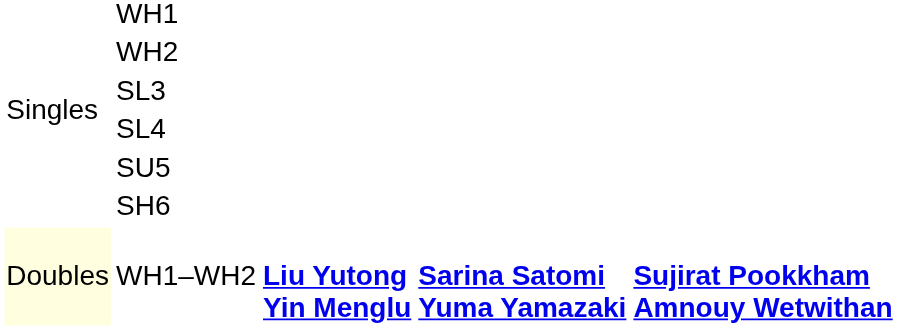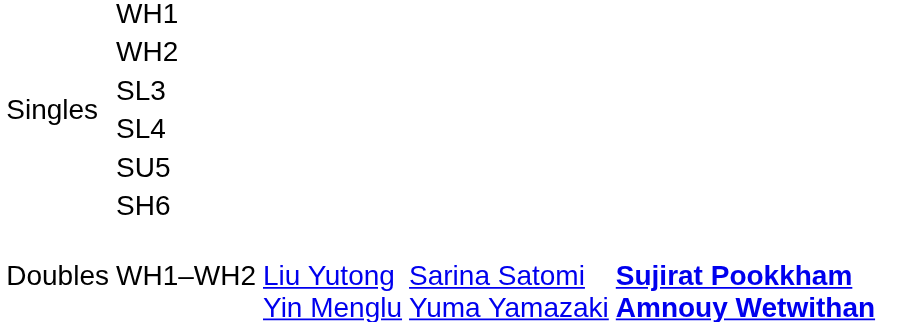 <table>
 <tr>
 <td rowspan=6>Singles</td>
 <td>WH1<br></td>
 <td></td>
 <td></td>
 <td></td>
 </tr>
 <tr>
 <td>WH2<br></td>
 <td></td>
 <td></td>
 <td></td>
 </tr>
 <tr>
 <td>SL3<br></td>
 <td></td>
 <td></td>
 <td></td>
 </tr>
 <tr>
 <td>SL4<br></td>
 <td></td>
 <td></td>
 <td></td>
 </tr>
 <tr>
 <td>SU5<br></td>
 <td></td>
 <td></td>
 <td></td>
 </tr>
 <tr>
 <td>SH6<br></td>
 <td></td>
 <td></td>
 <td></td>
 </tr>
 <tr>
-<td style="background: lightyellow;">Doubles</td>
+<td>Doubles</td>
 <td>WH1–WH2<br></td>
-<td><strong><br><a href='#'>Liu Yutong</a><br><a href='#'>Yin Menglu</a></strong></td>
-<td><strong><br><a href='#'>Sarina Satomi</a><br><a href='#'>Yuma Yamazaki</a></strong></td>
+<td><br><a href='#'>Liu Yutong</a><br><a href='#'>Yin Menglu</a></td>
+<td><br><a href='#'>Sarina Satomi</a><br><a href='#'>Yuma Yamazaki</a></td>
 <td><strong><br><a href='#'>Sujirat Pookkham</a><br><a href='#'>Amnouy Wetwithan</a></strong></td>
 </tr>
 </table>
